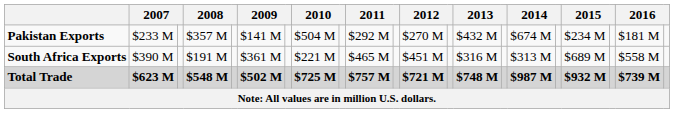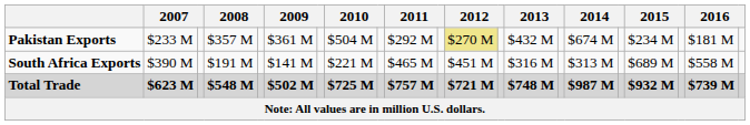 <table class="wikitable">
 <tr>
 <th></th>
 <th colspan="2">2007</th>
 <th colspan="2">2008</th>
 <th colspan="2">2009</th>
 <th colspan="2">2010</th>
 <th colspan="2">2011</th>
 <th colspan="2">2012</th>
 <th colspan="2">2013</th>
 <th colspan="2">2014</th>
 <th colspan="2">2015</th>
 <th colspan="2">2016</th>
 </tr>
 <tr>
 <td> <strong>Pakistan Exports</strong></td>
 <td>$233 M</td>
 <td></td>
 <td>$357 M</td>
 <td></td>
-<td>$141 M</td>
+<td>$361 M</td>
 <td></td>
 <td>$504 M</td>
 <td></td>
 <td>$292 M</td>
 <td></td>
-<td>$270 M</td>
+<td style="background: khaki;">$270 M</td>
 <td></td>
 <td>$432 M</td>
 <td></td>
 <td>$674 M</td>
 <td></td>
 <td>$234 M</td>
 <td></td>
 <td>$181 M</td>
 <td></td>
 </tr>
 <tr>
 <td> <strong>South Africa Exports</strong></td>
 <td>$390 M</td>
 <td></td>
 <td>$191 M</td>
 <td></td>
-<td>$361 M</td>
+<td>$141 M</td>
 <td></td>
 <td>$221 M</td>
 <td></td>
 <td>$465 M</td>
 <td></td>
 <td>$451 M</td>
 <td></td>
 <td>$316 M</td>
 <td></td>
 <td>$313 M</td>
 <td></td>
 <td>$689 M</td>
 <td></td>
 <td>$558 M</td>
 <td></td>
 </tr>
 <tr>
 <td style='background: #D5D5D5;'><strong>Total Trade</strong></td>
 <td style='background: #D5D5D5;'><strong>$623 M</strong></td>
 <td style='background: #D5D5D5;'></td>
 <td style='background: #D5D5D5;'><strong>$548 M</strong></td>
 <td style='background: #D5D5D5;'></td>
 <td style='background: #D5D5D5;'><strong>$502 M</strong></td>
 <td style='background: #D5D5D5;'></td>
 <td style='background: #D5D5D5;'><strong>$725 M</strong></td>
 <td style='background: #D5D5D5;'></td>
 <td style='background: #D5D5D5;'><strong>$757 M</strong></td>
 <td style='background: #D5D5D5;'></td>
 <td style='background: #D5D5D5;'><strong>$721 M</strong></td>
 <td style='background: #D5D5D5;'></td>
 <td style='background: #D5D5D5;'><strong>$748 M</strong></td>
 <td style='background: #D5D5D5;'></td>
 <td style='background: #D5D5D5;'><strong>$987 M</strong></td>
 <td style='background: #D5D5D5;'></td>
 <td style='background: #D5D5D5;'><strong>$932 M</strong></td>
 <td style='background: #D5D5D5;'></td>
 <td style='background: #D5D5D5;'><strong>$739 M</strong></td>
 <td style='background: #D5D5D5;'></td>
 </tr>
 <tr>
 <th colspan="21"><small>Note: All values are in million U.S. dollars.</small></th>
 </tr>
 </table>
